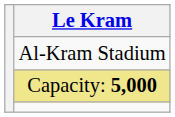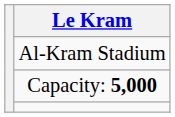 <table class="wikitable" style="margin:1em auto; text-align:center">
 <tr>
 <th rowspan="4"></th>
 <th><a href='#'>Le Kram</a></th>
 </tr>
 <tr>
 <td>Al-Kram Stadium</td>
 </tr>
 <tr>
-<td style="background: khaki;">Capacity: <strong>5,000</strong></td>
+<td>Capacity: <strong>5,000</strong></td>
 </tr>
 <tr>
 <td></td>
 </tr>
 </table>
